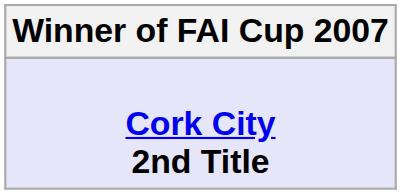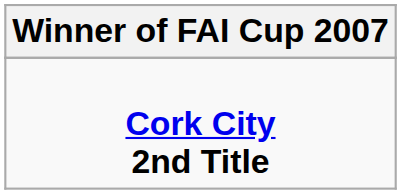 <table class="wikitable" style="text-align: center; margin: 0 auto;">
 <tr>
 <th>Winner of FAI Cup 2007</th>
 </tr>
 <tr>
 </tr>
 <tr>
-<td style="background: lavender;"><br><strong><a href='#'>Cork City</a></strong><br><strong>2nd Title</strong></td>
+<td><br><strong><a href='#'>Cork City</a></strong><br><strong>2nd Title</strong></td>
 </tr>
 </table>
